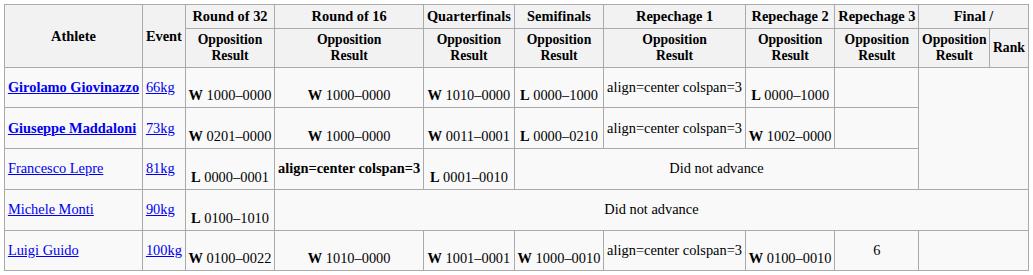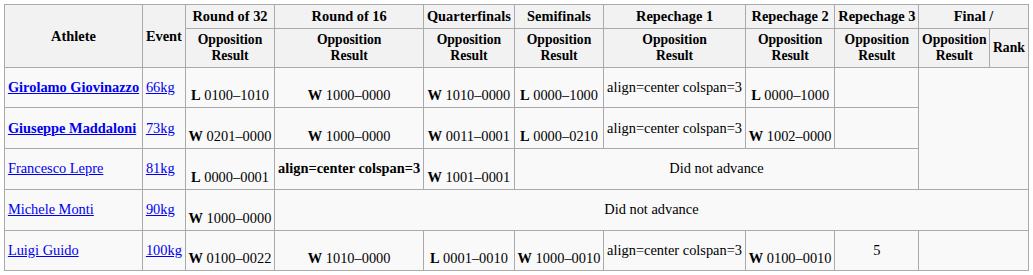 <table class="wikitable" style="font-size:90%">
 <tr>
 <th rowspan="2">Athlete</th>
 <th rowspan="2">Event</th>
 <th>Round of 32</th>
 <th>Round of 16</th>
 <th>Quarterfinals</th>
 <th>Semifinals</th>
 <th>Repechage 1</th>
 <th>Repechage 2</th>
 <th>Repechage 3</th>
 <th colspan=2>Final / </th>
 </tr>
 <tr style="font-size:95%">
 <th>Opposition<br>Result</th>
 <th>Opposition<br>Result</th>
 <th>Opposition<br>Result</th>
 <th>Opposition<br>Result</th>
 <th>Opposition<br>Result</th>
 <th>Opposition<br>Result</th>
 <th>Opposition<br>Result</th>
 <th>Opposition<br>Result</th>
 <th>Rank</th>
 </tr>
 <tr>
 <td align=left><strong><a href='#'>Girolamo Giovinazzo</a></strong></td>
 <td align=left><a href='#'>66kg</a></td>
-<td align=center><br><strong>W</strong> 1000–0000</td>
+<td align=center><br><strong>L</strong> 0100–1010</td>
 <td align=center><br><strong>W</strong> 1000–0000</td>
 <td align=center><br><strong>W</strong> 1010–0000</td>
 <td align=center><br><strong>L</strong> 0000–1000</td>
 <td>align=center colspan=3 </td>
 <td align=center><br><strong>L</strong> 0000–1000</td>
 <td align=center></td>
 </tr>
 <tr>
 <td align=left><strong><a href='#'>Giuseppe Maddaloni</a></strong></td>
 <td align=left><a href='#'>73kg</a></td>
 <td align=center><br><strong>W</strong> 0201–0000</td>
 <td align=center><br><strong>W</strong> 1000–0000</td>
 <td align=center><br><strong>W</strong> 0011–0001</td>
 <td align=center><br><strong>L</strong> 0000–0210</td>
 <td>align=center colspan=3 </td>
 <td align=center><br><strong>W</strong> 1002–0000</td>
 <td align=center></td>
 </tr>
 <tr>
 <td align=left><a href='#'>Francesco Lepre</a></td>
 <td align=left><a href='#'>81kg</a></td>
 <td align=center><br><strong>L</strong> 0000–0001</td>
 <td><strong>align=center colspan=3 </strong></td>
-<td align=center><br><strong>L</strong> 0001–0010</td>
+<td align=center><br><strong>W</strong> 1001–0001</td>
 <td align=center colspan=4>Did not advance</td>
 </tr>
 <tr>
 <td align=left><a href='#'>Michele Monti</a></td>
 <td align=left><a href='#'>90kg</a></td>
-<td align=center><br><strong>L</strong> 0100–1010</td>
+<td align=center><br><strong>W</strong> 1000–0000</td>
 <td align=center colspan=8>Did not advance</td>
 </tr>
 <tr>
 <td align=left><a href='#'>Luigi Guido</a></td>
 <td align=left><a href='#'>100kg</a></td>
 <td align=center><br><strong>W</strong> 0100–0022</td>
 <td align=center><br><strong>W</strong> 1010–0000</td>
-<td align=center><br><strong>W</strong> 1001–0001</td>
+<td align=center><br><strong>L</strong> 0001–0010</td>
 <td align=center><br><strong>W</strong> 1000–0010</td>
 <td>align=center colspan=3 </td>
 <td align=center><br><strong>W</strong> 0100–0010</td>
-<td align=center>6</td>
+<td align=center>5</td>
 </tr>
 </table>
